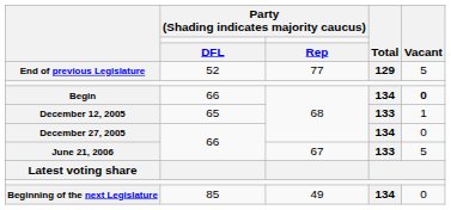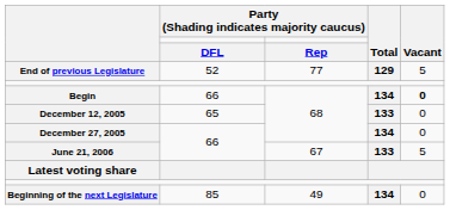 <table class=wikitable style="text-align:center">
 <tr style="vertical-align:bottom;">
 <th rowspan=3></th>
 <th colspan=2>Party <div>(Shading indicates majority caucus)</div></th>
 <th rowspan=3>Total</th>
 <th rowspan=3>Vacant</th>
 </tr>
 <tr style="height:5px">
 <td style="background-color:"></td>
 <td style="background-color:"></td>
 </tr>
 <tr>
 <th><a href='#'>DFL</a></th>
 <th><a href='#'>Rep</a></th>
 </tr>
 <tr>
 <th style="white-space:nowrap; font-size:80%;">End of <a href='#'>previous Legislature</a></th>
 <td>52</td>
 <td>77</td>
 <th>129</th>
 <td>5</td>
 </tr>
 <tr>
 <td colspan=6></td>
 </tr>
 <tr>
 <th style="font-size:80%">Begin</th>
 <td>66</td>
 <td rowspan="3" >68</td>
 <th>134</th>
 <td><strong>0</strong></td>
 </tr>
 <tr>
 <th style="font-size:80%">December 12, 2005 </th>
 <td>65</td>
 <th>133</th>
-<td>1</td>
+<td>0</td>
 </tr>
 <tr>
 <th style="font-size:80%">December 27, 2005 </th>
 <td rowspan="2">66</td>
 <th>134</th>
 <td>0</td>
 </tr>
 <tr>
 <th style="font-size:80%">June 21, 2006 </th>
 <td>67</td>
 <th>133</th>
 <td>5</td>
 </tr>
 <tr>
 <th>Latest voting share</th>
 <th></th>
 <th></th>
 <th colspan=2></th>
 </tr>
 <tr>
 <td colspan=6></td>
 </tr>
 <tr>
 <th style="white-space:nowrap; font-size:80%;">Beginning of the <a href='#'>next Legislature</a></th>
 <td>85</td>
 <td>49</td>
 <th>134</th>
 <td>0</td>
 </tr>
 </table>
